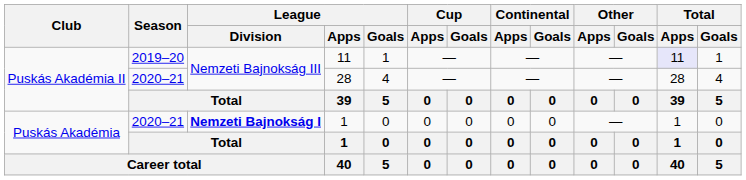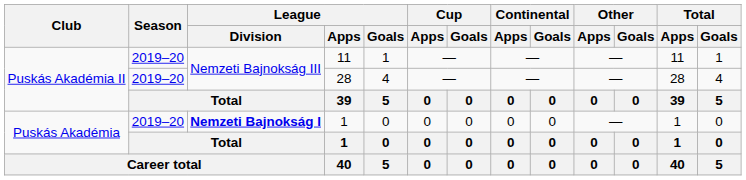 <table class="wikitable" style="text-align:center">
 <tr>
 <th rowspan="2">Club</th>
 <th rowspan="2">Season</th>
 <th colspan="3">League</th>
 <th colspan="2">Cup</th>
 <th colspan="2">Continental</th>
 <th colspan="2">Other</th>
 <th colspan="2">Total</th>
 </tr>
 <tr>
 <th>Division</th>
 <th>Apps</th>
 <th>Goals</th>
 <th>Apps</th>
 <th>Goals</th>
 <th>Apps</th>
 <th>Goals</th>
 <th>Apps</th>
 <th>Goals</th>
 <th>Apps</th>
 <th>Goals</th>
 </tr>
 <tr>
 <td rowspan="3"><a href='#'>Puskás Akadémia II</a></td>
 <td><a href='#'>2019–20</a></td>
 <td rowspan="2"><a href='#'>Nemzeti Bajnokság III</a></td>
 <td>11</td>
 <td>1</td>
 <td colspan="2">—</td>
 <td colspan="2">—</td>
 <td colspan="2">—</td>
-<td style="background: lavender;">11</td>
+<td>11</td>
 <td>1</td>
 </tr>
 <tr>
-<td><a href='#'>2020–21</a></td>
+<td><a href='#'>2019–20</a></td>
 <td>28</td>
 <td>4</td>
 <td colspan="2">—</td>
 <td colspan="2">—</td>
 <td colspan="2">—</td>
 <td>28</td>
 <td>4</td>
 </tr>
 <tr>
 <th colspan="2">Total</th>
 <th>39</th>
 <th>5</th>
 <th>0</th>
 <th>0</th>
 <th>0</th>
 <th>0</th>
 <th>0</th>
 <th>0</th>
 <th>39</th>
 <th>5</th>
 </tr>
 <tr>
 <td rowspan="2"><a href='#'>Puskás Akadémia</a></td>
-<td><a href='#'>2020–21</a></td>
+<td><a href='#'>2019–20</a></td>
 <td rowspan="1"><strong><a href='#'>Nemzeti Bajnokság I</a></strong></td>
 <td>1</td>
 <td>0</td>
 <td>0</td>
 <td>0</td>
 <td>0</td>
 <td>0</td>
 <td colspan="2">—</td>
 <td>1</td>
 <td>0</td>
 </tr>
 <tr>
 <th colspan="2">Total</th>
 <th>1</th>
 <th>0</th>
 <th>0</th>
 <th>0</th>
 <th>0</th>
 <th>0</th>
 <th>0</th>
 <th>0</th>
 <th>1</th>
 <th>0</th>
 </tr>
 <tr>
 <th colspan="3">Career total</th>
 <th>40</th>
 <th>5</th>
 <th>0</th>
 <th>0</th>
 <th>0</th>
 <th>0</th>
 <th>0</th>
 <th>0</th>
 <th>40</th>
 <th>5</th>
 </tr>
 </table>
